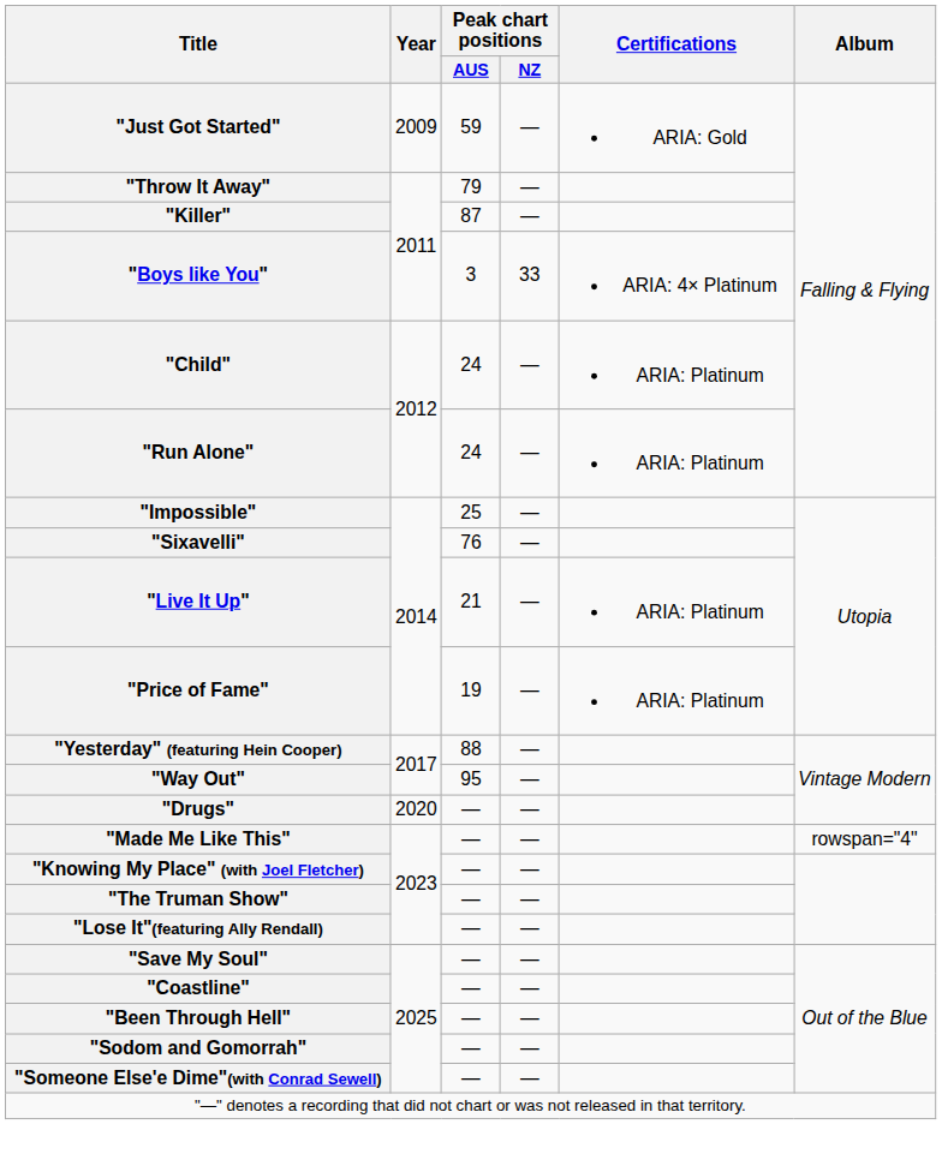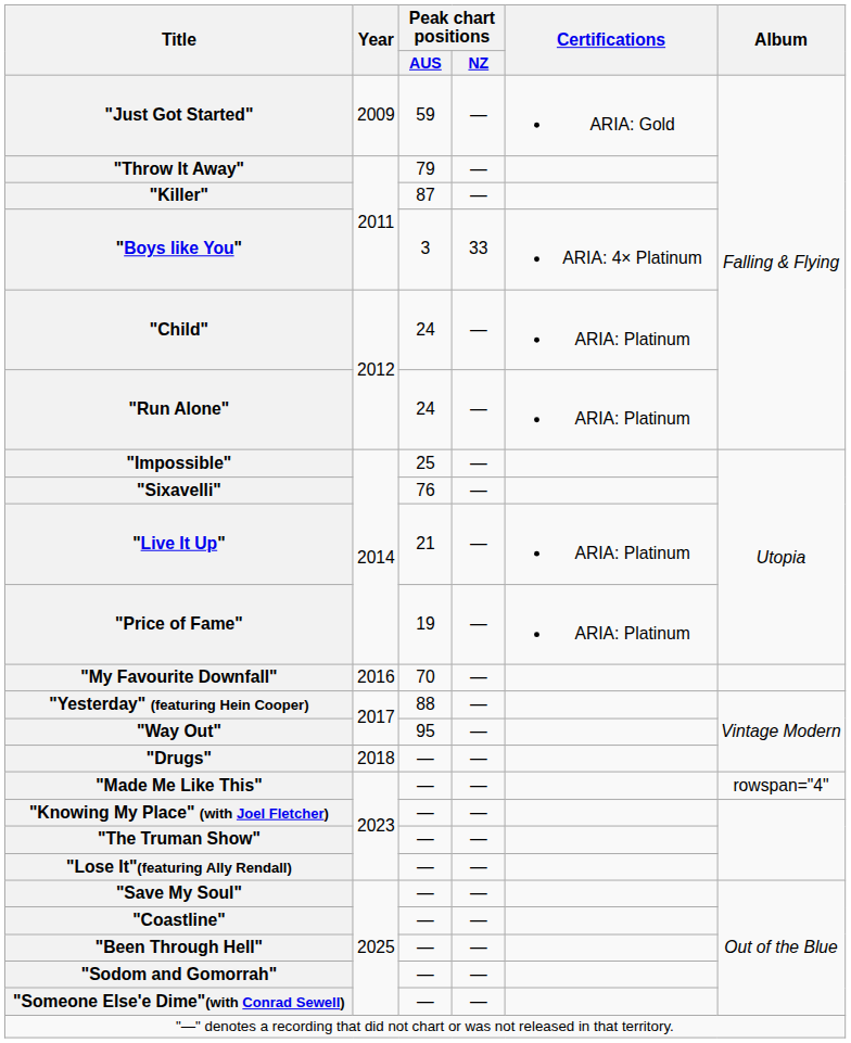 <table class="wikitable plainrowheaders" style="text-align:center;" border="1">
 <tr>
 <th scope="col" rowspan="2" style="width:20em;">Title</th>
 <th scope="col" rowspan="2" style="width:1em;">Year</th>
 <th scope="col" colspan="2">Peak chart positions</th>
 <th scope="col" rowspan="2" style="width:12em;"><a href='#'>Certifications</a></th>
 <th scope="col" rowspan="2">Album</th>
 </tr>
 <tr>
 <th scope="col" style="width:3em;font-size:90%;"><a href='#'>AUS</a><br></th>
 <th scope="col" style="width:3em;font-size:90%;"><a href='#'>NZ</a><br></th>
 </tr>
 <tr>
 <th scope="row">"Just Got Started" </th>
 <td>2009</td>
 <td>59</td>
 <td>—</td>
 <td><br><ul><li>ARIA: Gold</li></ul></td>
 <td rowspan="6"><em>Falling & Flying</em></td>
 </tr>
 <tr>
 <th scope="row">"Throw It Away" </th>
 <td rowspan="3">2011</td>
 <td>79</td>
 <td>—</td>
 <td></td>
 </tr>
 <tr>
 <th scope="row">"Killer"</th>
 <td>87</td>
 <td>—</td>
 <td></td>
 </tr>
 <tr>
 <th scope="row">"<a href='#'>Boys like You</a>" </th>
 <td>3</td>
 <td>33</td>
 <td><br><ul><li>ARIA: 4× Platinum</li></ul></td>
 </tr>
 <tr>
 <th scope="row">"Child"</th>
 <td rowspan="2">2012</td>
 <td>24</td>
 <td>—</td>
 <td><br><ul><li>ARIA: Platinum</li></ul></td>
 </tr>
 <tr>
 <th scope="row">"Run Alone"</th>
 <td>24</td>
 <td>—</td>
 <td><br><ul><li>ARIA: Platinum</li></ul></td>
 </tr>
 <tr>
 <th scope="row">"Impossible" </th>
 <td rowspan="4">2014</td>
 <td>25</td>
 <td>—</td>
 <td></td>
 <td rowspan="4"><em>Utopia</em></td>
 </tr>
 <tr>
 <th scope="row">"Sixavelli" </th>
 <td>76</td>
 <td>—</td>
 <td></td>
 </tr>
 <tr>
 <th scope="row">"<a href='#'>Live It Up</a>" </th>
 <td>21</td>
 <td>—</td>
 <td><br><ul><li>ARIA: Platinum</li></ul></td>
 </tr>
 <tr>
 <th scope="row">"Price of Fame" </th>
 <td>19</td>
 <td>—</td>
 <td><br><ul><li>ARIA: Platinum</li></ul></td>
 </tr>
 <tr>
+<th scope="row">"My Favourite Downfall"</th>
+<td>2016</td>
+<td>70</td>
+<td>—</td>
+<td></td>
+<td></td>
+</tr>
+<tr>
 <th scope="row">"Yesterday" <small>(featuring Hein Cooper)</small></th>
 <td rowspan="2">2017</td>
 <td>88</td>
 <td>—</td>
 <td></td>
 <td rowspan="3"><em>Vintage Modern</em></td>
 </tr>
 <tr>
 <th scope="row">"Way Out" </th>
 <td>95</td>
 <td>—</td>
 <td></td>
 </tr>
 <tr>
 <th scope="row">"Drugs"</th>
-<td>2020</td>
+<td>2018</td>
 <td>—</td>
 <td>—</td>
 <td></td>
 </tr>
 <tr>
 <th scope="row">"Made Me Like This" </th>
 <td rowspan="4">2023</td>
 <td>—</td>
 <td>—</td>
 <td></td>
 <td>rowspan="4" </td>
 </tr>
 <tr>
 <th scope="row">"Knowing My Place" <small>(with <a href='#'>Joel Fletcher</a>)</small></th>
 <td>—</td>
 <td>—</td>
 <td></td>
 </tr>
 <tr>
 <th scope="row">"The Truman Show"</th>
 <td>—</td>
 <td>—</td>
 <td></td>
 </tr>
 <tr>
 <th scope="row">"Lose It"<small>(featuring Ally Rendall)</small></th>
 <td>—</td>
 <td>—</td>
 <td></td>
 </tr>
 <tr>
 <th scope="row">"Save My Soul"</th>
 <td rowspan="5">2025</td>
 <td>—</td>
 <td>—</td>
 <td></td>
 <td rowspan="5"><em>Out of the Blue</em></td>
 </tr>
 <tr>
 <th scope="row">"Coastline"</th>
 <td>—</td>
 <td>—</td>
 <td></td>
 </tr>
 <tr>
 <th scope="row">"Been Through Hell"</th>
 <td>—</td>
 <td>—</td>
 <td></td>
 </tr>
 <tr>
 <th scope="row">"Sodom and Gomorrah"</th>
 <td>—</td>
 <td>—</td>
 <td></td>
 </tr>
 <tr>
 <th scope="row">"Someone Else'e Dime"<small>(with <a href='#'>Conrad Sewell</a>)</small></th>
 <td>—</td>
 <td>—</td>
 <td></td>
 </tr>
 <tr>
 <td colspan="6" style="font-size:85%">"—" denotes a recording that did not chart or was not released in that territory.</td>
 </tr>
 </table>
